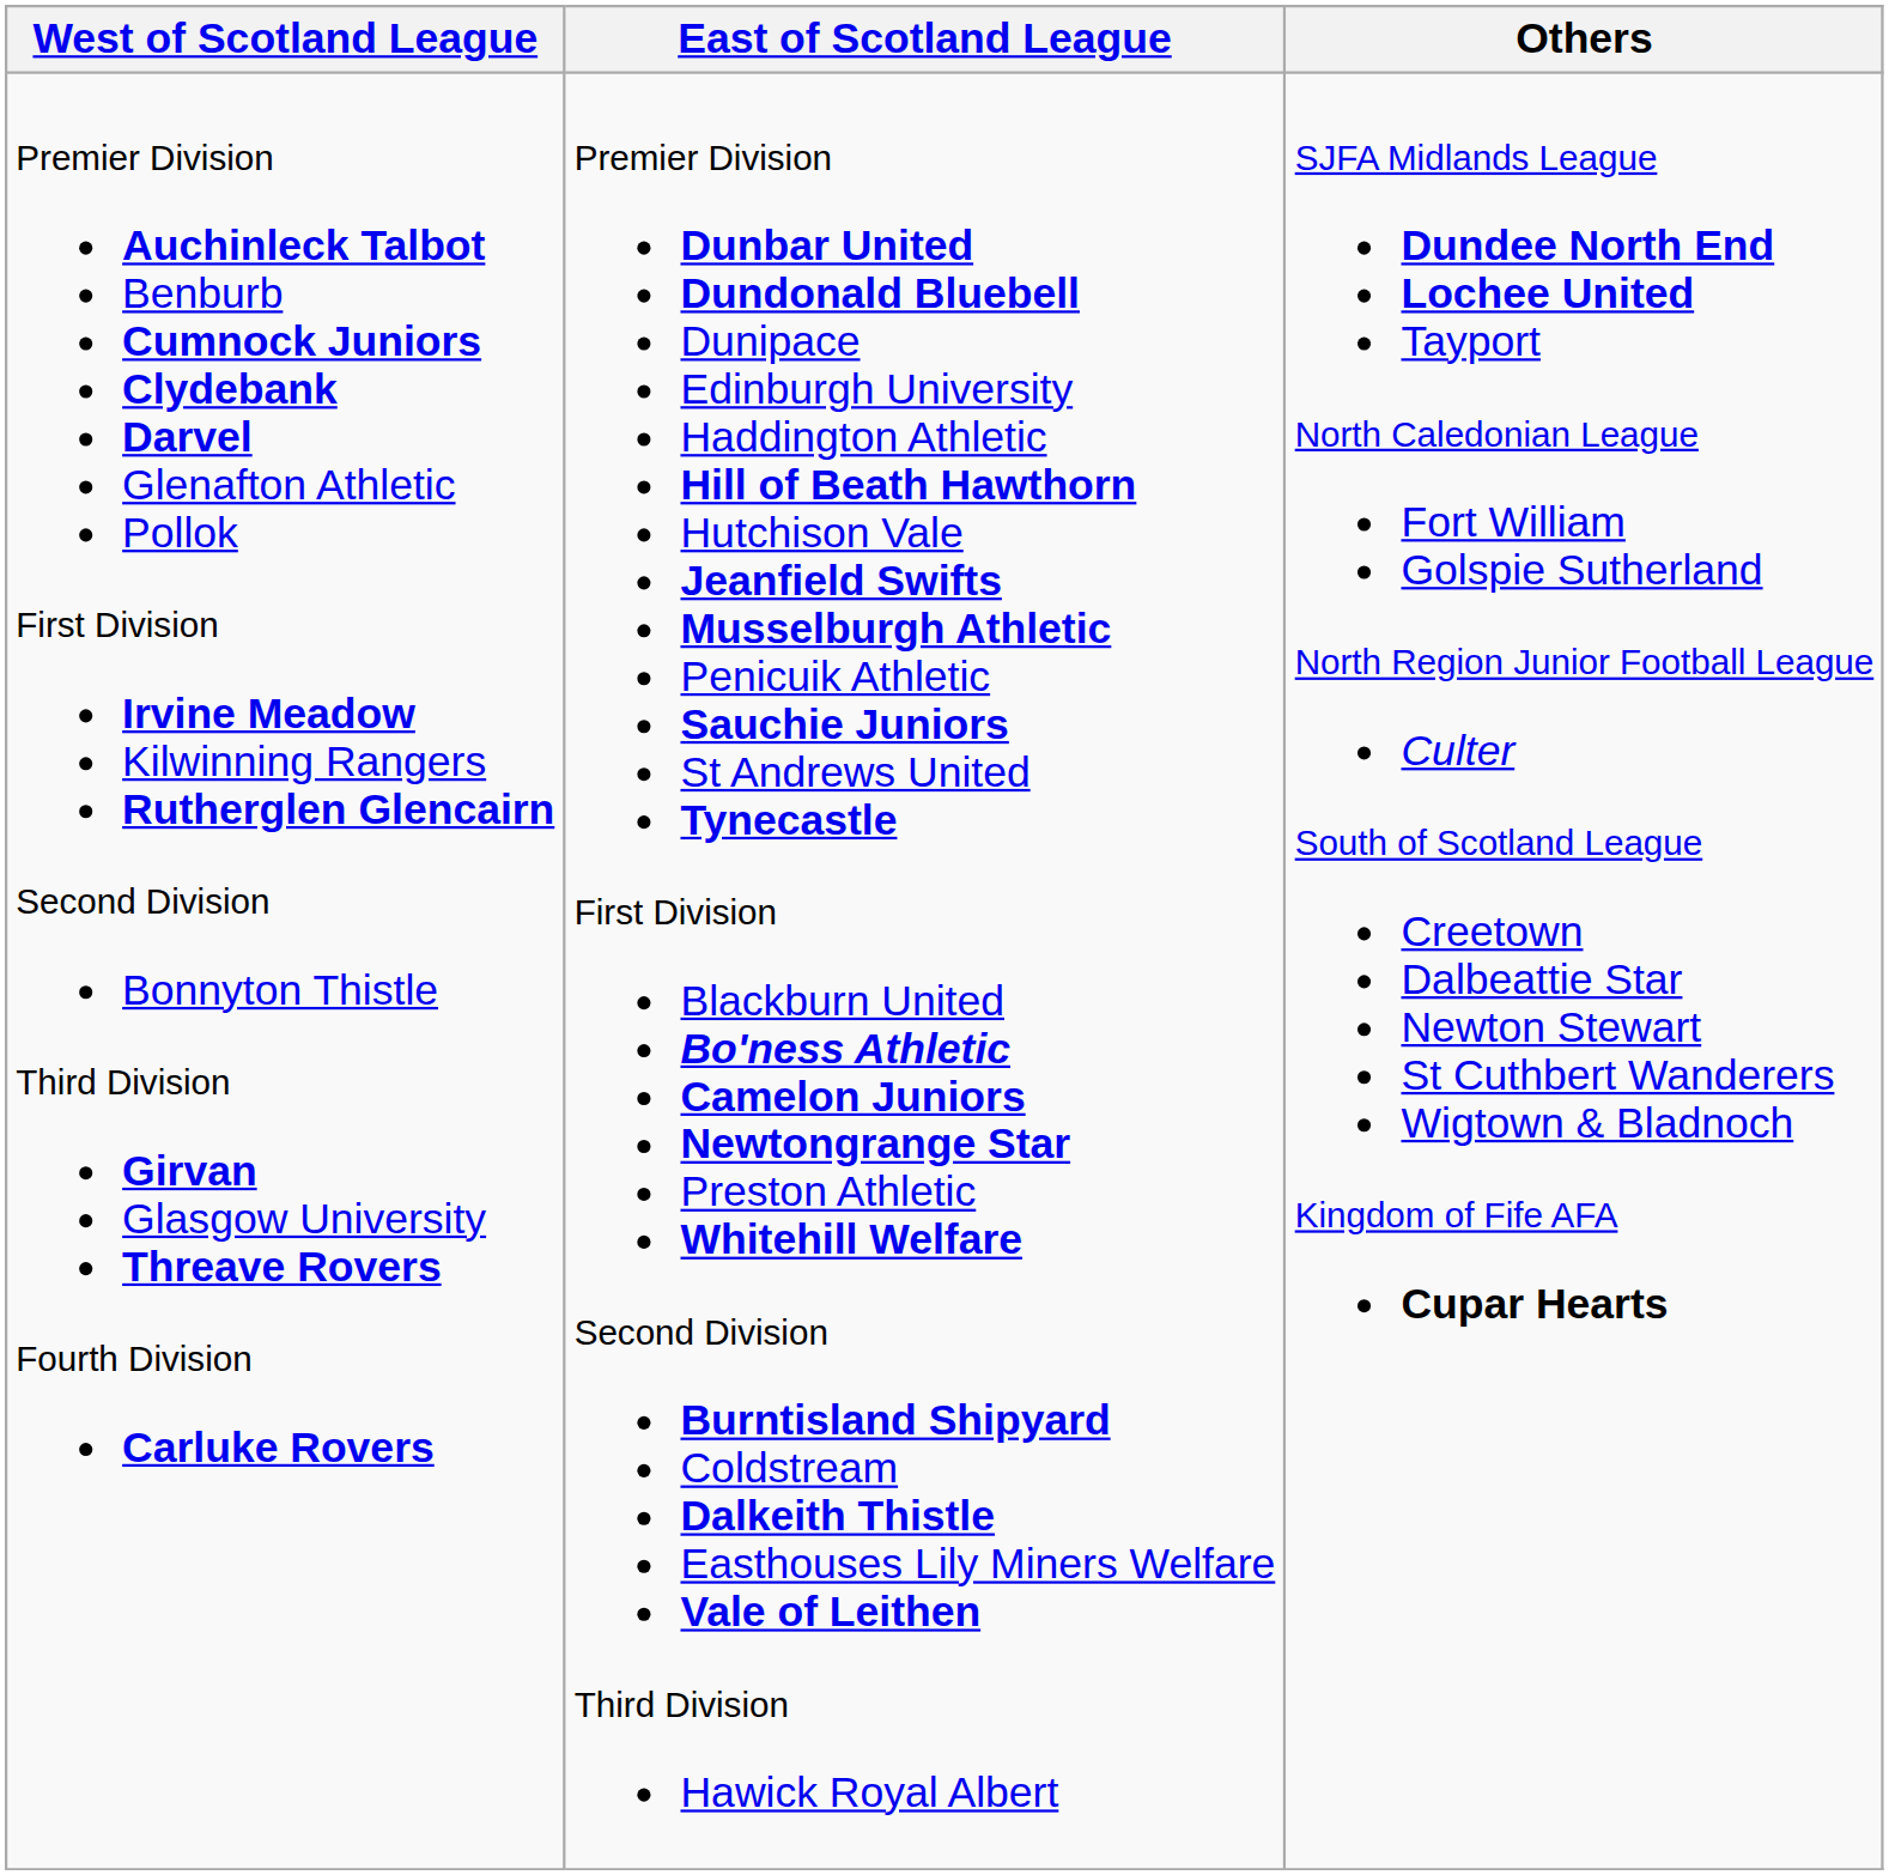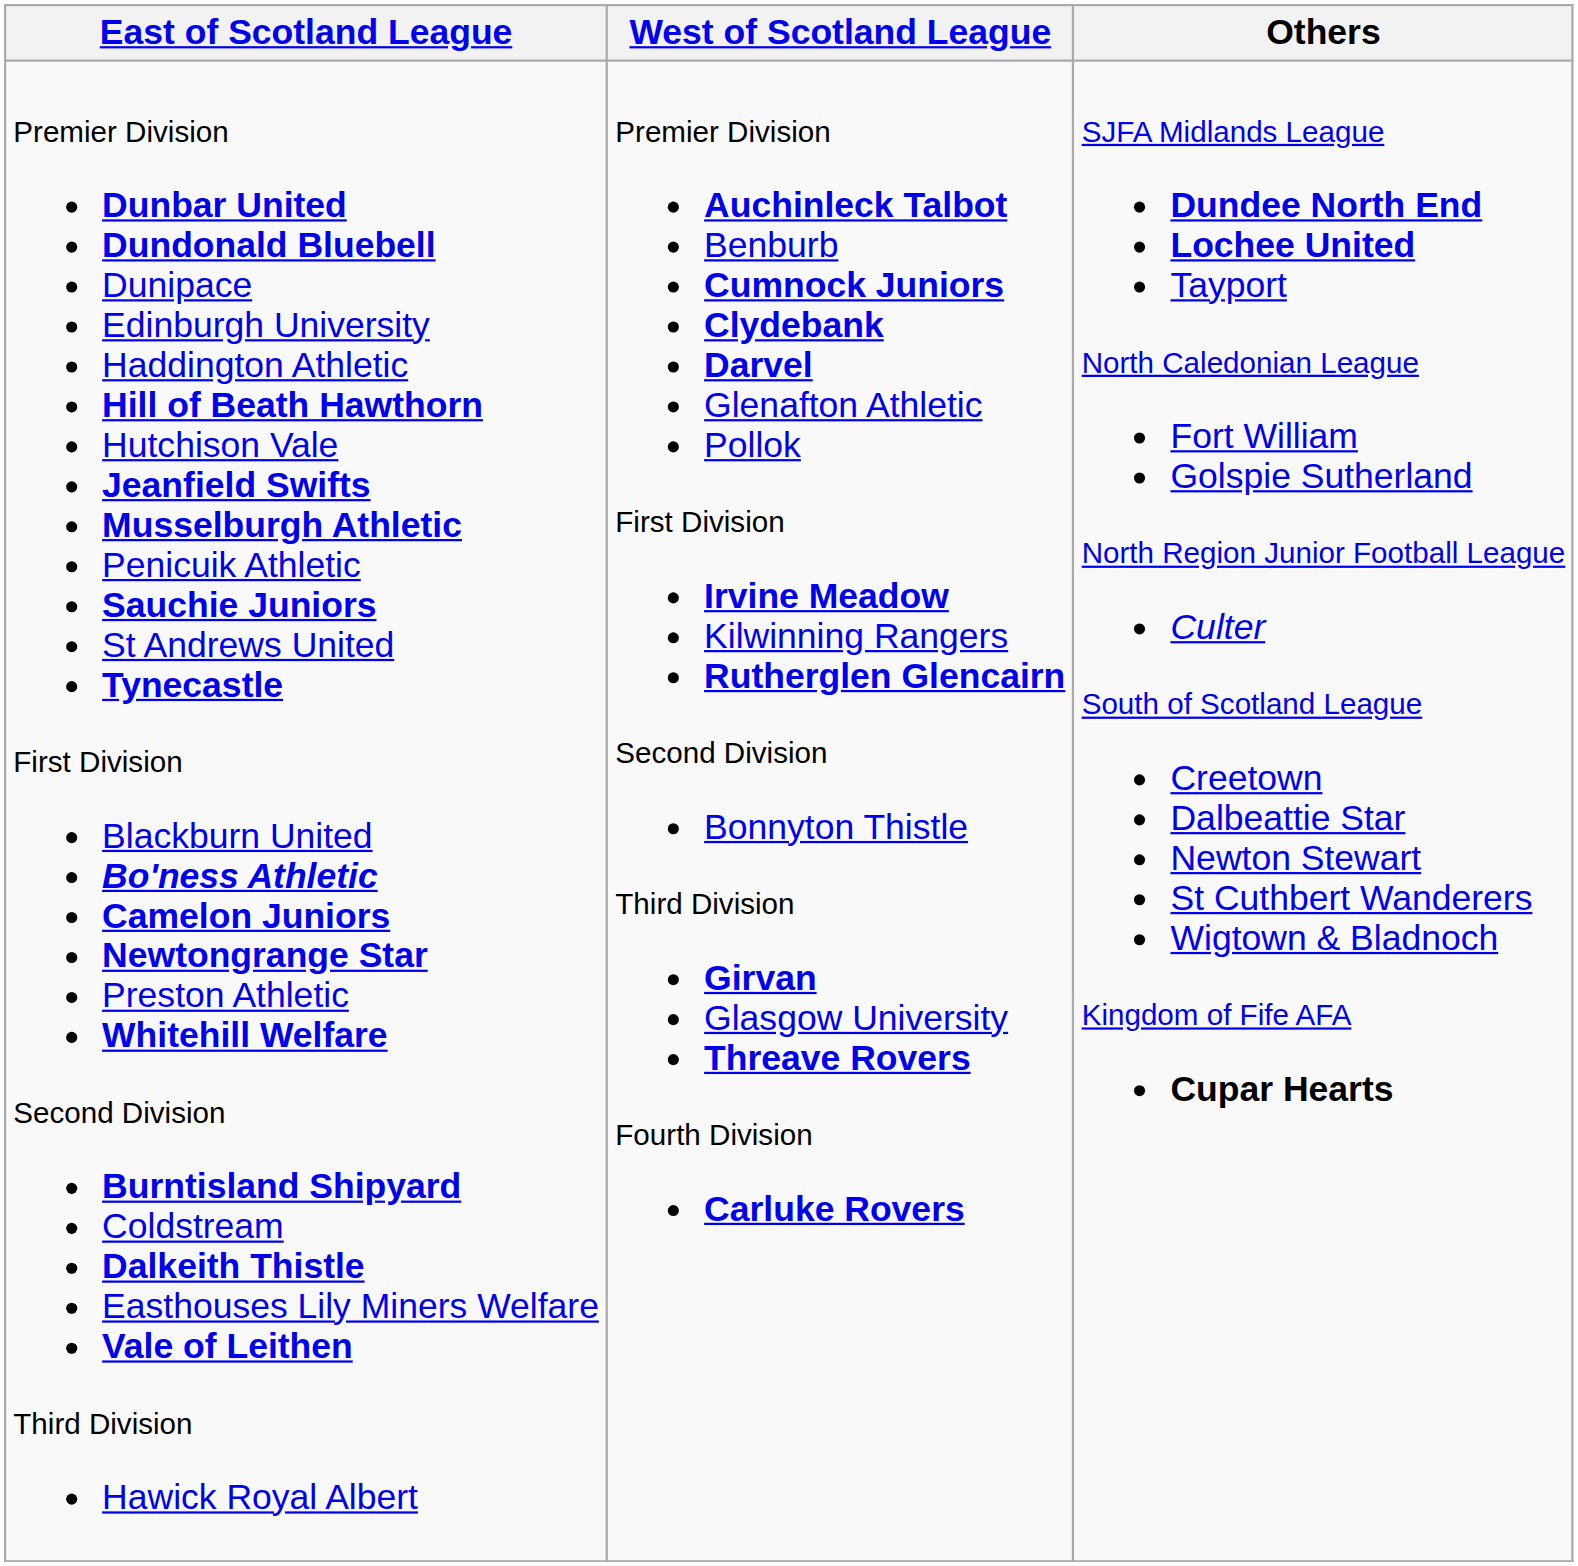 <table class="wikitable" style="text-align:left">
 <tr>
+<th><a href='#'>East of Scotland League</a></th>
 <th><a href='#'>West of Scotland League</a></th>
-<th><a href='#'>East of Scotland League</a></th>
 <th>Others</th>
 </tr>
 <tr>
+<td valign=top><br><small>Premier Division</small><ul><li><strong><a href='#'>Dunbar United</a></strong></li><li><strong><a href='#'>Dundonald Bluebell</a></strong></li><li><a href='#'>Dunipace</a></li><li><a href='#'>Edinburgh University</a></li><li><a href='#'>Haddington Athletic</a></li><li><strong><a href='#'>Hill of Beath Hawthorn</a></strong></li><li><a href='#'>Hutchison Vale</a></li><li><strong><a href='#'>Jeanfield Swifts</a></strong></li><li><strong><a href='#'>Musselburgh Athletic</a></strong></li><li><a href='#'>Penicuik Athletic</a></li><li><strong><a href='#'>Sauchie Juniors</a></strong></li><li><a href='#'>St Andrews United</a></li><li><strong><a href='#'>Tynecastle</a></strong></li></ul><small>First Division</small><ul><li><a href='#'>Blackburn United</a></li><li><strong><em><a href='#'>Bo'ness Athletic</a></em></strong></li><li><strong><a href='#'>Camelon Juniors</a></strong></li><li><strong><a href='#'>Newtongrange Star</a></strong></li><li><a href='#'>Preston Athletic</a></li><li><strong><a href='#'>Whitehill Welfare</a></strong></li></ul><small>Second Division</small><ul><li><strong><a href='#'>Burntisland Shipyard</a></strong></li><li><a href='#'>Coldstream</a></li><li><strong><a href='#'>Dalkeith Thistle</a></strong></li><li><a href='#'>Easthouses Lily Miners Welfare</a></li><li><strong><a href='#'>Vale of Leithen</a></strong></li></ul><small>Third Division</small><ul><li><a href='#'>Hawick Royal Albert</a></li></ul></td>
 <td valign=top><br><small>Premier Division</small><ul><li><strong><a href='#'>Auchinleck Talbot</a></strong></li><li><a href='#'>Benburb</a></li><li><strong><a href='#'>Cumnock Juniors</a></strong></li><li><strong><a href='#'>Clydebank</a></strong></li><li><strong><a href='#'>Darvel</a></strong></li><li><a href='#'>Glenafton Athletic</a></li><li><a href='#'>Pollok</a></li></ul><small>First Division</small><ul><li><strong><a href='#'>Irvine Meadow</a></strong></li><li><a href='#'>Kilwinning Rangers</a></li><li><strong><a href='#'>Rutherglen Glencairn</a></strong></li></ul><small>Second Division</small><ul><li><a href='#'>Bonnyton Thistle</a></li></ul><small>Third Division</small><ul><li><strong><a href='#'>Girvan</a></strong></li><li><a href='#'>Glasgow University</a></li><li><strong><a href='#'>Threave Rovers</a></strong></li></ul><small>Fourth Division</small><ul><li><strong><a href='#'>Carluke Rovers</a></strong></li></ul></td>
-<td valign=top><br><small>Premier Division</small><ul><li><strong><a href='#'>Dunbar United</a></strong></li><li><strong><a href='#'>Dundonald Bluebell</a></strong></li><li><a href='#'>Dunipace</a></li><li><a href='#'>Edinburgh University</a></li><li><a href='#'>Haddington Athletic</a></li><li><strong><a href='#'>Hill of Beath Hawthorn</a></strong></li><li><a href='#'>Hutchison Vale</a></li><li><strong><a href='#'>Jeanfield Swifts</a></strong></li><li><strong><a href='#'>Musselburgh Athletic</a></strong></li><li><a href='#'>Penicuik Athletic</a></li><li><strong><a href='#'>Sauchie Juniors</a></strong></li><li><a href='#'>St Andrews United</a></li><li><strong><a href='#'>Tynecastle</a></strong></li></ul><small>First Division</small><ul><li><a href='#'>Blackburn United</a></li><li><strong><em><a href='#'>Bo'ness Athletic</a></em></strong></li><li><strong><a href='#'>Camelon Juniors</a></strong></li><li><strong><a href='#'>Newtongrange Star</a></strong></li><li><a href='#'>Preston Athletic</a></li><li><strong><a href='#'>Whitehill Welfare</a></strong></li></ul><small>Second Division</small><ul><li><strong><a href='#'>Burntisland Shipyard</a></strong></li><li><a href='#'>Coldstream</a></li><li><strong><a href='#'>Dalkeith Thistle</a></strong></li><li><a href='#'>Easthouses Lily Miners Welfare</a></li><li><strong><a href='#'>Vale of Leithen</a></strong></li></ul><small>Third Division</small><ul><li><a href='#'>Hawick Royal Albert</a></li></ul></td>
 <td valign=top><br><small><a href='#'>SJFA Midlands League</a></small><ul><li><strong><a href='#'>Dundee North End</a></strong></li><li><strong><a href='#'>Lochee United</a></strong></li><li><a href='#'>Tayport</a></li></ul><small><a href='#'>North Caledonian League</a></small><ul><li><a href='#'>Fort William</a></li><li><a href='#'>Golspie Sutherland</a></li></ul><small><a href='#'>North Region Junior Football League</a></small><ul><li><em><a href='#'>Culter</a></em></li></ul><small><a href='#'>South of Scotland League</a></small><ul><li><a href='#'>Creetown</a></li><li><a href='#'>Dalbeattie Star</a></li><li><a href='#'>Newton Stewart</a></li><li><a href='#'>St Cuthbert Wanderers</a></li><li><a href='#'>Wigtown & Bladnoch</a></li></ul><small><a href='#'>Kingdom of Fife AFA</a></small><ul><li><strong>Cupar Hearts</strong></li></ul></td>
 </tr>
 </table>
